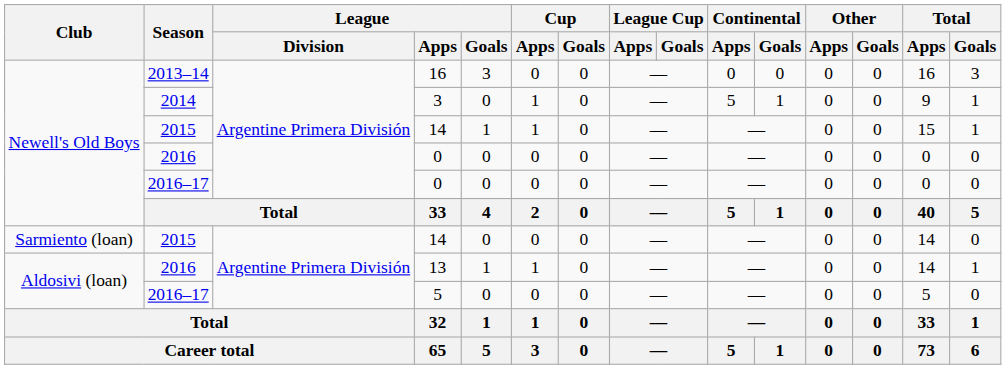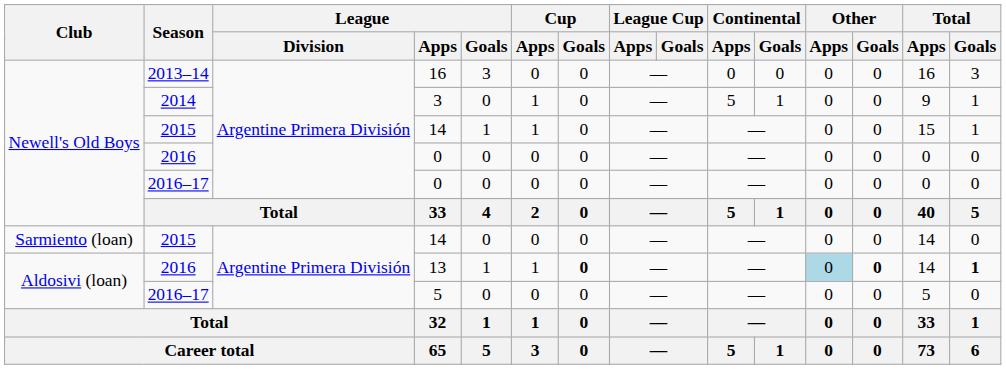 <table class="wikitable" style="text-align:center">
 <tr>
 <th rowspan="2">Club</th>
 <th rowspan="2">Season</th>
 <th colspan="3">League</th>
 <th colspan="2">Cup</th>
 <th colspan="2">League Cup</th>
 <th colspan="2">Continental</th>
 <th colspan="2">Other</th>
 <th colspan="2">Total</th>
 </tr>
 <tr>
 <th>Division</th>
 <th>Apps</th>
 <th>Goals</th>
 <th>Apps</th>
 <th>Goals</th>
 <th>Apps</th>
 <th>Goals</th>
 <th>Apps</th>
 <th>Goals</th>
 <th>Apps</th>
 <th>Goals</th>
 <th>Apps</th>
 <th>Goals</th>
 </tr>
 <tr>
 <td rowspan="6"><a href='#'>Newell's Old Boys</a></td>
 <td><a href='#'>2013–14</a></td>
 <td rowspan="5"><a href='#'>Argentine Primera División</a></td>
 <td>16</td>
 <td>3</td>
 <td>0</td>
 <td>0</td>
 <td colspan="2">—</td>
 <td>0</td>
 <td>0</td>
 <td>0</td>
 <td>0</td>
 <td>16</td>
 <td>3</td>
 </tr>
 <tr>
 <td><a href='#'>2014</a></td>
 <td>3</td>
 <td>0</td>
 <td>1</td>
 <td>0</td>
 <td colspan="2">—</td>
 <td>5</td>
 <td>1</td>
 <td>0</td>
 <td>0</td>
 <td>9</td>
 <td>1</td>
 </tr>
 <tr>
 <td><a href='#'>2015</a></td>
 <td>14</td>
 <td>1</td>
 <td>1</td>
 <td>0</td>
 <td colspan="2">—</td>
 <td colspan="2">—</td>
 <td>0</td>
 <td>0</td>
 <td>15</td>
 <td>1</td>
 </tr>
 <tr>
 <td><a href='#'>2016</a></td>
 <td>0</td>
 <td>0</td>
 <td>0</td>
 <td>0</td>
 <td colspan="2">—</td>
 <td colspan="2">—</td>
 <td>0</td>
 <td>0</td>
 <td>0</td>
 <td>0</td>
 </tr>
 <tr>
 <td><a href='#'>2016–17</a></td>
 <td>0</td>
 <td>0</td>
 <td>0</td>
 <td>0</td>
 <td colspan="2">—</td>
 <td colspan="2">—</td>
 <td>0</td>
 <td>0</td>
 <td>0</td>
 <td>0</td>
 </tr>
 <tr>
 <th colspan="2">Total</th>
 <th>33</th>
 <th>4</th>
 <th>2</th>
 <th>0</th>
 <th colspan="2">—</th>
 <th>5</th>
 <th>1</th>
 <th>0</th>
 <th>0</th>
 <th>40</th>
 <th>5</th>
 </tr>
 <tr>
 <td rowspan="1"><a href='#'>Sarmiento</a> (loan)</td>
 <td><a href='#'>2015</a></td>
 <td rowspan="3"><a href='#'>Argentine Primera División</a></td>
 <td>14</td>
 <td>0</td>
 <td>0</td>
 <td>0</td>
 <td colspan="2">—</td>
 <td colspan="2">—</td>
 <td>0</td>
 <td>0</td>
 <td>14</td>
 <td>0</td>
 </tr>
 <tr>
 <td rowspan="2"><a href='#'>Aldosivi</a> (loan)</td>
 <td><a href='#'>2016</a></td>
 <td>13</td>
 <td>1</td>
 <td>1</td>
-<td>0</td>
+<td><strong>0</strong></td>
 <td colspan="2">—</td>
 <td colspan="2">—</td>
-<td>0</td>
-<td>0</td>
+<td style="background: lightblue;">0</td>
+<td><strong>0</strong></td>
 <td>14</td>
-<td>1</td>
+<td><strong>1</strong></td>
 </tr>
 <tr>
 <td><a href='#'>2016–17</a></td>
 <td>5</td>
 <td>0</td>
 <td>0</td>
 <td>0</td>
 <td colspan="2">—</td>
 <td colspan="2">—</td>
 <td>0</td>
 <td>0</td>
 <td>5</td>
 <td>0</td>
 </tr>
 <tr>
 <th colspan="3">Total</th>
 <th>32</th>
 <th>1</th>
 <th>1</th>
 <th>0</th>
 <th colspan="2">—</th>
 <th colspan="2">—</th>
 <th>0</th>
 <th>0</th>
 <th>33</th>
 <th>1</th>
 </tr>
 <tr>
 <th colspan="3">Career total</th>
 <th>65</th>
 <th>5</th>
 <th>3</th>
 <th>0</th>
 <th colspan="2">—</th>
 <th>5</th>
 <th>1</th>
 <th>0</th>
 <th>0</th>
 <th>73</th>
 <th>6</th>
 </tr>
 </table>
